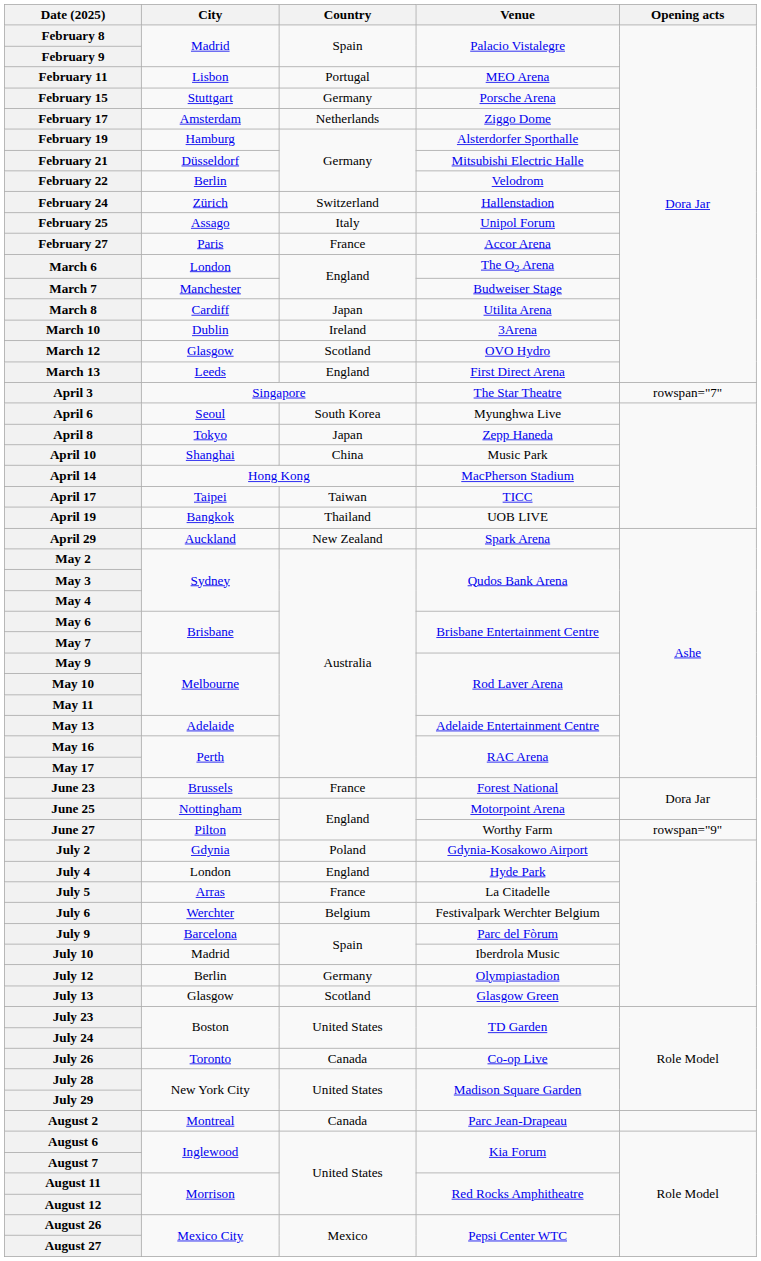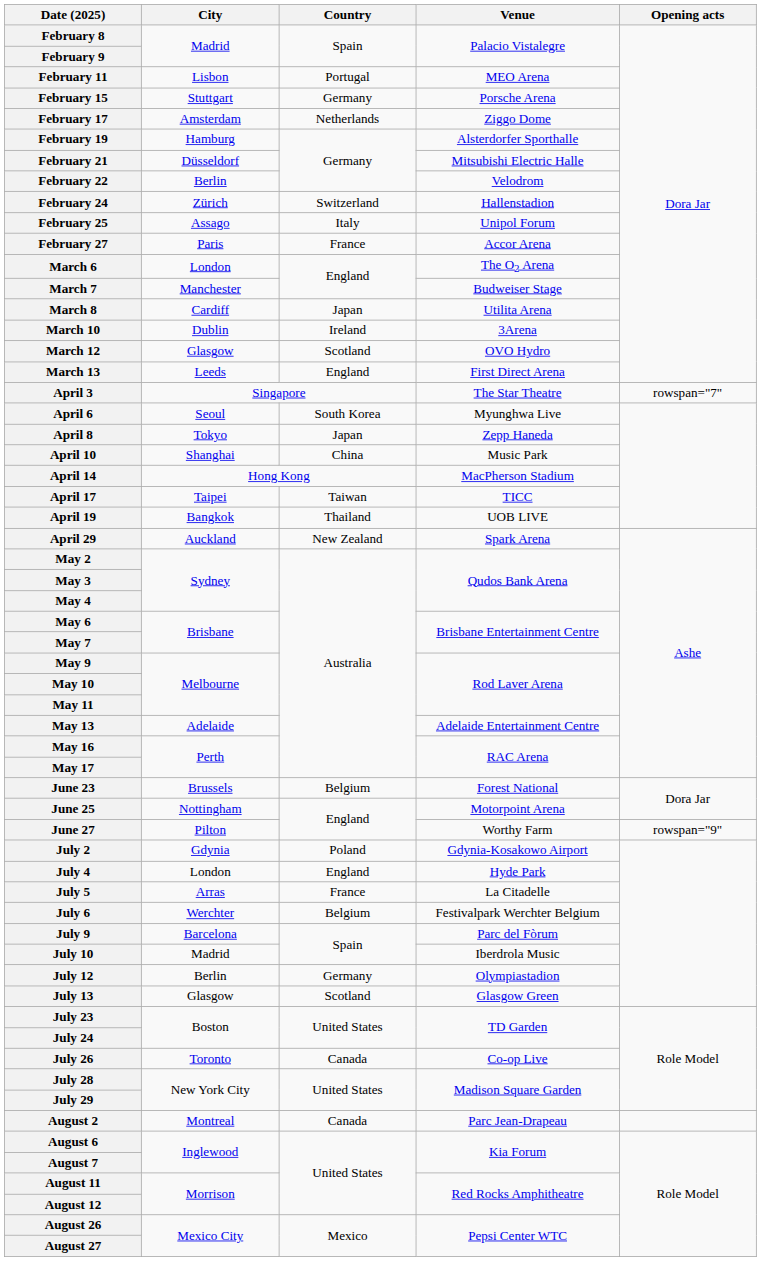 <table class="wikitable plainrowheaders" style="text-align:center;">
 <tr>
 <th scope="col" style="width:10em;">Date (2025)</th>
 <th scope="col" style="width:10em;">City</th>
 <th scope="col" style="width:10em;">Country</th>
 <th scope="col" style="width:15em;">Venue</th>
 <th scope="col" style="width:10em;">Opening acts</th>
 </tr>
 <tr>
 <th scope="row" style="text-align:center;">February 8</th>
 <td rowspan="2"><a href='#'>Madrid</a></td>
 <td rowspan="2">Spain</td>
 <td rowspan="2"><a href='#'>Palacio Vistalegre</a></td>
 <td rowspan="17"><a href='#'>Dora Jar</a></td>
 </tr>
 <tr>
 <th scope="row" style="text-align:center;">February 9</th>
 </tr>
 <tr>
 <th scope="row" style="text-align:center;">February 11</th>
 <td><a href='#'>Lisbon</a></td>
 <td>Portugal</td>
 <td><a href='#'>MEO Arena</a></td>
 </tr>
 <tr>
 <th scope="row" style="text-align:center;">February 15</th>
 <td><a href='#'>Stuttgart</a></td>
 <td>Germany</td>
 <td><a href='#'>Porsche Arena</a></td>
 </tr>
 <tr>
 <th scope="row" style="text-align:center;">February 17</th>
 <td><a href='#'>Amsterdam</a></td>
 <td>Netherlands</td>
 <td><a href='#'>Ziggo Dome</a></td>
 </tr>
 <tr>
 <th scope="row" style="text-align:center;">February 19</th>
 <td><a href='#'>Hamburg</a></td>
 <td rowspan="3">Germany</td>
 <td><a href='#'>Alsterdorfer Sporthalle</a></td>
 </tr>
 <tr>
 <th scope="row" style="text-align:center;">February 21</th>
 <td><a href='#'>Düsseldorf</a></td>
 <td><a href='#'>Mitsubishi Electric Halle</a></td>
 </tr>
 <tr>
 <th scope="row" style="text-align:center;">February 22</th>
 <td><a href='#'>Berlin</a></td>
 <td><a href='#'>Velodrom</a></td>
 </tr>
 <tr>
 <th scope="row" style="text-align:center;">February 24</th>
 <td><a href='#'>Zürich</a></td>
 <td>Switzerland</td>
 <td><a href='#'>Hallenstadion</a></td>
 </tr>
 <tr>
 <th scope="row" style="text-align:center;">February 25</th>
 <td><a href='#'>Assago</a></td>
 <td>Italy</td>
 <td><a href='#'>Unipol Forum</a></td>
 </tr>
 <tr>
 <th scope="row" style="text-align:center;">February 27</th>
 <td><a href='#'>Paris</a></td>
 <td>France</td>
 <td><a href='#'>Accor Arena</a></td>
 </tr>
 <tr>
 <th scope="row" style="text-align:center;">March 6</th>
 <td><a href='#'>London</a></td>
 <td rowspan="2">England</td>
 <td><a href='#'>The O<sub>2</sub> Arena</a></td>
 </tr>
 <tr>
 <th scope="row" style="text-align:center;">March 7</th>
 <td><a href='#'>Manchester</a></td>
 <td><a href='#'>Budweiser Stage</a></td>
 </tr>
 <tr>
 <th scope="row" style="text-align:center;">March 8</th>
 <td><a href='#'>Cardiff</a></td>
 <td>Japan</td>
 <td><a href='#'>Utilita Arena</a></td>
 </tr>
 <tr>
 <th scope="row" style="text-align:center;">March 10</th>
 <td><a href='#'>Dublin</a></td>
 <td>Ireland</td>
 <td><a href='#'>3Arena</a></td>
 </tr>
 <tr>
 <th scope="row" style="text-align:center;">March 12</th>
 <td><a href='#'>Glasgow</a></td>
 <td>Scotland</td>
 <td><a href='#'>OVO Hydro</a></td>
 </tr>
 <tr>
 <th scope="row" style="text-align:center;">March 13</th>
 <td><a href='#'>Leeds</a></td>
 <td>England</td>
 <td><a href='#'>First Direct Arena</a></td>
 </tr>
 <tr>
 <th scope="row" style="text-align:center;">April 3</th>
 <td colspan="2"><a href='#'>Singapore</a></td>
 <td><a href='#'>The Star Theatre</a></td>
 <td>rowspan="7" </td>
 </tr>
 <tr>
 <th scope="row" style="text-align:center;">April 6</th>
 <td><a href='#'>Seoul</a></td>
 <td>South Korea</td>
 <td>Myunghwa Live</td>
 </tr>
 <tr>
 <th scope="row" style="text-align:center;">April 8</th>
 <td><a href='#'>Tokyo</a></td>
 <td>Japan</td>
 <td><a href='#'>Zepp Haneda</a></td>
 </tr>
 <tr>
 <th scope="row" style="text-align:center;">April 10</th>
 <td><a href='#'>Shanghai</a></td>
 <td>China</td>
 <td>Music Park</td>
 </tr>
 <tr>
 <th scope="row" style="text-align:center;">April 14</th>
 <td colspan="2"><a href='#'>Hong Kong</a></td>
 <td><a href='#'>MacPherson Stadium</a></td>
 </tr>
 <tr>
 <th scope="row" style="text-align:center;">April 17</th>
 <td><a href='#'>Taipei</a></td>
 <td>Taiwan</td>
 <td><a href='#'>TICC</a></td>
 </tr>
 <tr>
 <th scope="row" style="text-align:center;">April 19</th>
 <td><a href='#'>Bangkok</a></td>
 <td>Thailand</td>
 <td>UOB LIVE</td>
 </tr>
 <tr>
 <th scope="row" style="text-align:center;">April 29</th>
 <td><a href='#'>Auckland</a></td>
 <td>New Zealand</td>
 <td><a href='#'>Spark Arena</a></td>
 <td rowspan="12"><a href='#'>Ashe</a></td>
 </tr>
 <tr>
 <th scope="row" style="text-align:center;">May 2</th>
 <td rowspan="3"><a href='#'>Sydney</a></td>
 <td rowspan="11">Australia</td>
 <td rowspan="3"><a href='#'>Qudos Bank Arena</a></td>
 </tr>
 <tr>
 <th scope="row" style="text-align:center;">May 3</th>
 </tr>
 <tr>
 <th scope="row" style="text-align:center;">May 4</th>
 </tr>
 <tr>
 <th scope="row" style="text-align:center;">May 6</th>
 <td rowspan="2"><a href='#'>Brisbane</a></td>
 <td rowspan="2"><a href='#'>Brisbane Entertainment Centre</a></td>
 </tr>
 <tr>
 <th scope="row" style="text-align:center;">May 7</th>
 </tr>
 <tr>
 <th scope="row" style="text-align:center;">May 9</th>
 <td rowspan="3"><a href='#'>Melbourne</a></td>
 <td rowspan="3"><a href='#'>Rod Laver Arena</a></td>
 </tr>
 <tr>
 <th scope="row" style="text-align:center;">May 10</th>
 </tr>
 <tr>
 <th scope="row" style="text-align:center;">May 11</th>
 </tr>
 <tr>
 <th scope="row" style="text-align:center;">May 13</th>
 <td><a href='#'>Adelaide</a></td>
 <td><a href='#'>Adelaide Entertainment Centre</a></td>
 </tr>
 <tr>
 <th scope="row" style="text-align:center;">May 16</th>
 <td rowspan="2"><a href='#'>Perth</a></td>
 <td rowspan="2"><a href='#'>RAC Arena</a></td>
 </tr>
 <tr>
 <th scope="row" style="text-align:center;">May 17</th>
 </tr>
 <tr>
 <th scope="row" style="text-align:center;">June 23</th>
 <td><a href='#'>Brussels</a></td>
-<td>France</td>
+<td>Belgium</td>
 <td><a href='#'>Forest National</a></td>
 <td rowspan="2">Dora Jar</td>
 </tr>
 <tr>
 <th scope="row" style="text-align:center;">June 25</th>
 <td><a href='#'>Nottingham</a></td>
 <td rowspan="2">England</td>
 <td><a href='#'>Motorpoint Arena</a></td>
 </tr>
 <tr>
 <th scope="row" style="text-align:center;">June 27</th>
 <td><a href='#'>Pilton</a></td>
 <td>Worthy Farm</td>
 <td>rowspan="9" </td>
 </tr>
 <tr>
 <th scope="row" style="text-align:center;">July 2</th>
 <td><a href='#'>Gdynia</a></td>
 <td>Poland</td>
 <td><a href='#'>Gdynia-Kosakowo Airport</a></td>
 </tr>
 <tr>
 <th scope="row" style="text-align:center;">July 4</th>
 <td>London</td>
 <td>England</td>
 <td><a href='#'>Hyde Park</a></td>
 </tr>
 <tr>
 <th scope="row" style="text-align:center;">July 5</th>
 <td><a href='#'>Arras</a></td>
 <td>France</td>
 <td>La Citadelle</td>
 </tr>
 <tr>
 <th scope="row" style="text-align:center;">July 6</th>
 <td><a href='#'>Werchter</a></td>
 <td>Belgium</td>
 <td>Festivalpark Werchter Belgium</td>
 </tr>
 <tr>
 <th scope="row" style="text-align:center;">July 9</th>
 <td><a href='#'>Barcelona</a></td>
 <td rowspan="2">Spain</td>
 <td><a href='#'>Parc del Fòrum</a></td>
 </tr>
 <tr>
 <th scope="row" style="text-align:center;">July 10</th>
 <td>Madrid</td>
 <td>Iberdrola Music</td>
 </tr>
 <tr>
 <th scope="row" style="text-align:center;">July 12</th>
 <td>Berlin</td>
 <td>Germany</td>
 <td><a href='#'>Olympiastadion</a></td>
 </tr>
 <tr>
 <th scope="row" style="text-align:center;">July 13</th>
 <td>Glasgow</td>
 <td>Scotland</td>
 <td><a href='#'>Glasgow Green</a></td>
 </tr>
 <tr>
 <th scope="row" style="text-align:center;">July 23</th>
 <td rowspan="2">Boston</td>
 <td rowspan="2">United States</td>
 <td rowspan="2"><a href='#'>TD Garden</a></td>
 <td rowspan="5">Role Model</td>
 </tr>
 <tr>
 <th scope="row" style="text-align:center;">July 24</th>
 </tr>
 <tr>
 <th scope="row" style="text-align:center;">July 26</th>
 <td><a href='#'>Toronto</a></td>
 <td>Canada</td>
 <td><a href='#'>Co-op Live</a></td>
 </tr>
 <tr>
 <th scope="row" style="text-align:center;">July 28</th>
 <td rowspan="2">New York City</td>
 <td rowspan="2">United States</td>
 <td rowspan="2"><a href='#'>Madison Square Garden</a></td>
 </tr>
 <tr>
 <th scope="row" style="text-align:center;">July 29</th>
 </tr>
 <tr>
 <th scope="row" style="text-align:center;">August 2</th>
 <td><a href='#'>Montreal</a></td>
 <td>Canada</td>
 <td><a href='#'>Parc Jean-Drapeau</a></td>
 <td></td>
 </tr>
 <tr>
 <th scope="row" style="text-align:center;">August 6</th>
 <td rowspan="2"><a href='#'>Inglewood</a></td>
 <td rowspan="4">United States</td>
 <td rowspan="2"><a href='#'>Kia Forum</a></td>
 <td rowspan="6">Role Model</td>
 </tr>
 <tr>
 <th scope="row" style="text-align:center;">August 7</th>
 </tr>
 <tr>
 <th scope="row" style="text-align:center;">August 11</th>
 <td rowspan="2"><a href='#'>Morrison</a></td>
 <td rowspan="2"><a href='#'>Red Rocks Amphitheatre</a></td>
 </tr>
 <tr>
 <th scope="row" style="text-align:center;">August 12</th>
 </tr>
 <tr>
 <th scope="row" style="text-align:center;">August 26</th>
 <td rowspan="2"><a href='#'>Mexico City</a></td>
 <td rowspan="2">Mexico</td>
 <td rowspan="2"><a href='#'>Pepsi Center WTC</a></td>
 </tr>
 <tr>
 <th scope="row" style="text-align:center;">August 27</th>
 </tr>
 </table>
